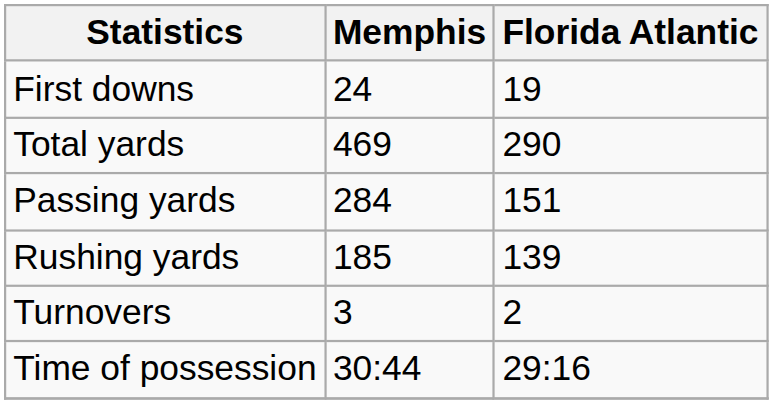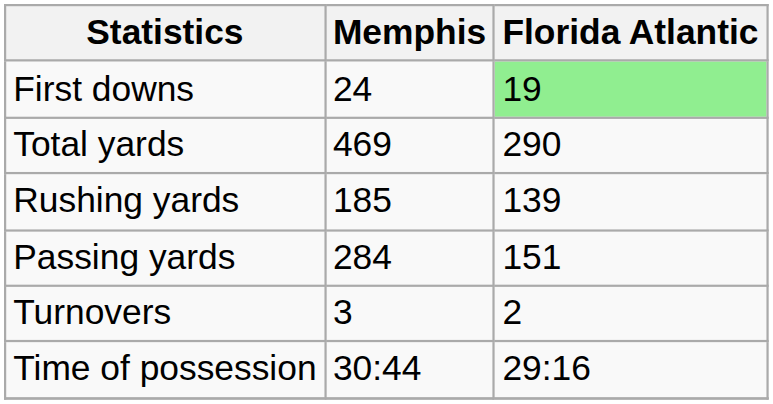 <table class="wikitable">
 <tr>
 <th>Statistics</th>
 <th>Memphis</th>
 <th>Florida Atlantic</th>
 </tr>
 <tr>
 <td>First downs</td>
 <td>24</td>
-<td>19</td>
+<td style="background: lightgreen;">19</td>
 </tr>
 <tr>
 <td>Total yards</td>
 <td>469</td>
 <td>290</td>
 </tr>
 <tr>
+<td>Rushing yards</td>
+<td>185</td>
+<td>139</td>
+</tr>
+<tr>
 <td>Passing yards</td>
 <td>284</td>
 <td>151</td>
-</tr>
-<tr>
-<td>Rushing yards</td>
-<td>185</td>
-<td>139</td>
 </tr>
 <tr>
 <td>Turnovers</td>
 <td>3</td>
 <td>2</td>
 </tr>
 <tr>
 <td>Time of possession</td>
 <td>30:44</td>
 <td>29:16</td>
 </tr>
 <tr>
 </tr>
 </table>
